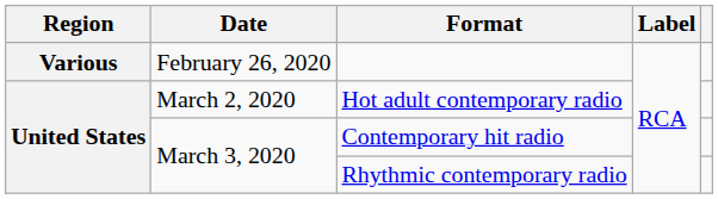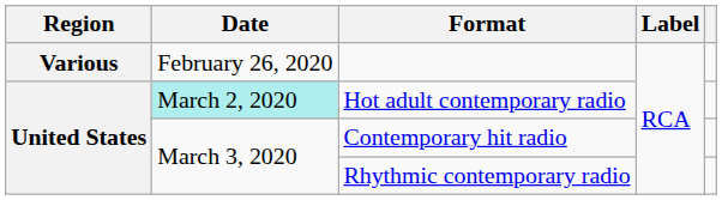 <table class="wikitable sortable plainrowheaders">
 <tr>
 <th scope="col">Region</th>
 <th scope="col">Date</th>
 <th scope="col">Format</th>
 <th scope="col">Label</th>
 <th scope="col" class="unsortable"></th>
 </tr>
 <tr>
 <th scope="row">Various</th>
 <td>February 26, 2020</td>
 <td></td>
 <td rowspan="4"><a href='#'>RCA</a></td>
 <td style="text-align:center"></td>
 </tr>
 <tr>
 <th scope="row" rowspan="3">United States</th>
-<td>March 2, 2020</td>
+<td style="background: paleturquoise;">March 2, 2020</td>
 <td><a href='#'>Hot adult contemporary radio</a></td>
 <td style="text-align:center"></td>
 </tr>
 <tr>
 <td rowspan="2">March 3, 2020</td>
 <td><a href='#'>Contemporary hit radio</a></td>
 <td style="text-align:center"></td>
 </tr>
 <tr>
 <td><a href='#'>Rhythmic contemporary radio</a></td>
 <td style="text-align:center"></td>
 </tr>
 </table>
